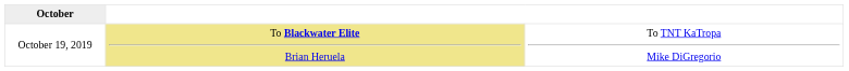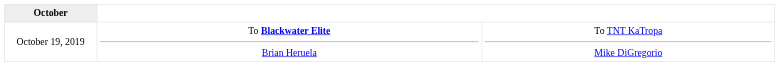 <table border=1 style="border-collapse:collapse; text-align: center; width: 100%" bordercolor="#DFDFDF"  cellpadding="5">
 <tr bgcolor="eeeeee">
 <th>October</th>
 </tr>
 <tr>
 <td style="width:12%" rowspan=1>October 19, 2019</td>
-<td style="background: khaki; width:50%" valign="top">To <strong><a href='#'>Blackwater Elite</a></strong><hr><a href='#'>Brian Heruela</a></td>
+<td style="width:50%" valign="top">To <strong><a href='#'>Blackwater Elite</a></strong><hr><a href='#'>Brian Heruela</a></td>
 <td style="width:50%" valign="top">To <a href='#'>TNT KaTropa</a><hr><a href='#'>Mike DiGregorio</a></td>
 </tr>
 </table>
